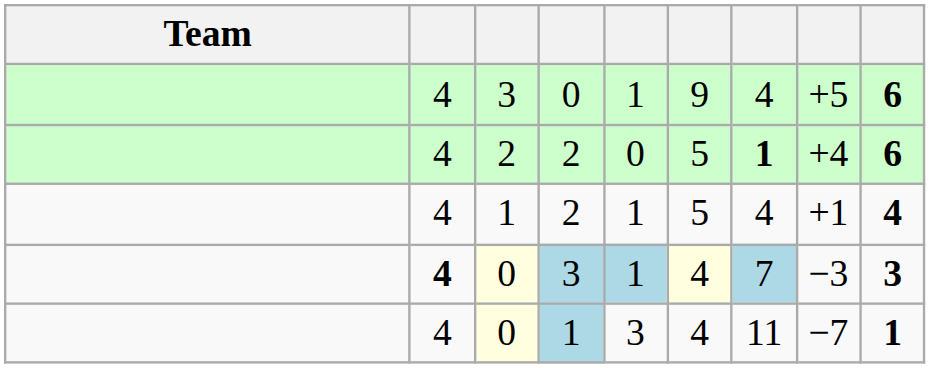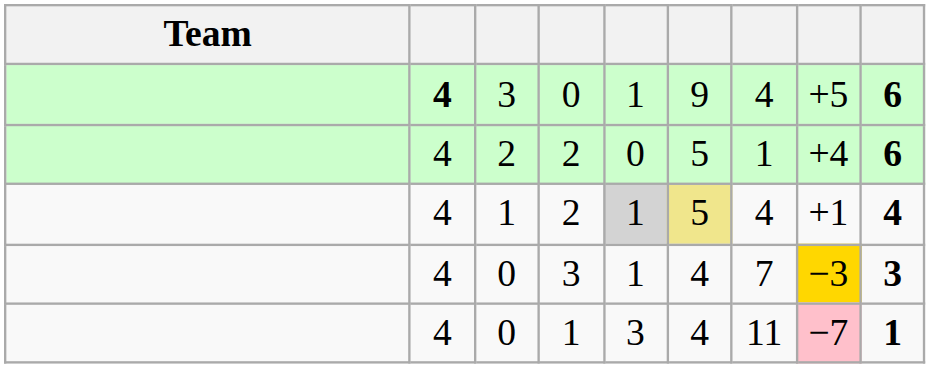 <table class="wikitable" style="text-align:center">
 <tr>
 <th width=165>Team</th>
 <th width=20></th>
 <th width=20></th>
 <th width=20></th>
 <th width=20></th>
 <th width=20></th>
 <th width=20></th>
 <th width=20></th>
 <th width=20></th>
 </tr>
 <tr bgcolor=ccffcc>
 <td align=left></td>
-<td>4</td>
+<td><strong>4</strong></td>
 <td>3</td>
 <td>0</td>
 <td>1</td>
 <td>9</td>
 <td>4</td>
 <td>+5</td>
 <td><strong>6</strong></td>
 </tr>
 <tr bgcolor=ccffcc>
 <td align=left></td>
 <td>4</td>
 <td>2</td>
 <td>2</td>
 <td>0</td>
 <td>5</td>
-<td><strong>1</strong></td>
+<td>1</td>
 <td>+4</td>
 <td><strong>6</strong></td>
 </tr>
 <tr>
 <td align=left></td>
 <td>4</td>
 <td>1</td>
 <td>2</td>
-<td>1</td>
-<td>5</td>
+<td style="background: lightgrey;">1</td>
+<td style="background: khaki;">5</td>
 <td>4</td>
 <td>+1</td>
 <td><strong>4</strong></td>
 </tr>
 <tr>
 <td align=left></td>
-<td><strong>4</strong></td>
-<td style="background: lightyellow;">0</td>
-<td style="background: lightblue;">3</td>
-<td style="background: lightblue;">1</td>
-<td style="background: lightyellow;">4</td>
-<td style="background: lightblue;">7</td>
-<td>−3</td>
+<td>4</td>
+<td>0</td>
+<td>3</td>
+<td>1</td>
+<td>4</td>
+<td>7</td>
+<td style="background: gold;">−3</td>
 <td><strong>3</strong></td>
 </tr>
 <tr>
 <td align=left></td>
 <td>4</td>
-<td style="background: lightyellow;">0</td>
-<td style="background: lightblue;">1</td>
+<td>0</td>
+<td>1</td>
 <td>3</td>
 <td>4</td>
 <td>11</td>
-<td>−7</td>
+<td style="background: pink;">−7</td>
 <td><strong>1</strong></td>
 </tr>
 </table>
